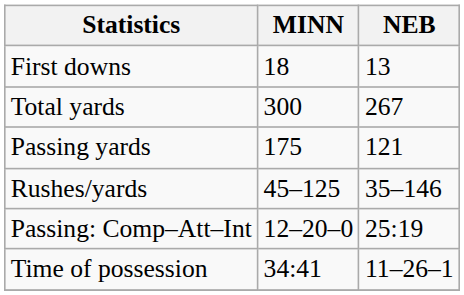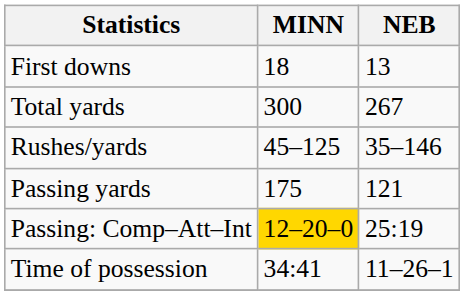 <table class="wikitable" style="float: left;">
 <tr>
 <th>Statistics</th>
 <th>MINN</th>
 <th>NEB</th>
 </tr>
 <tr>
 <td>First downs</td>
 <td>18</td>
 <td>13</td>
 </tr>
 <tr>
 <td>Total yards</td>
 <td>300</td>
 <td>267</td>
 </tr>
 <tr>
+<td>Rushes/yards</td>
+<td>45–125</td>
+<td>35–146</td>
+</tr>
+<tr>
 <td>Passing yards</td>
 <td>175</td>
 <td>121</td>
 </tr>
 <tr>
-<td>Rushes/yards</td>
-<td>45–125</td>
-<td>35–146</td>
-</tr>
-<tr>
 <td>Passing: Comp–Att–Int</td>
-<td>12–20–0</td>
+<td style="background: gold;">12–20–0</td>
 <td>25:19</td>
 </tr>
 <tr>
 <td>Time of possession</td>
 <td>34:41</td>
 <td>11–26–1</td>
 </tr>
 <tr>
 </tr>
 </table>
